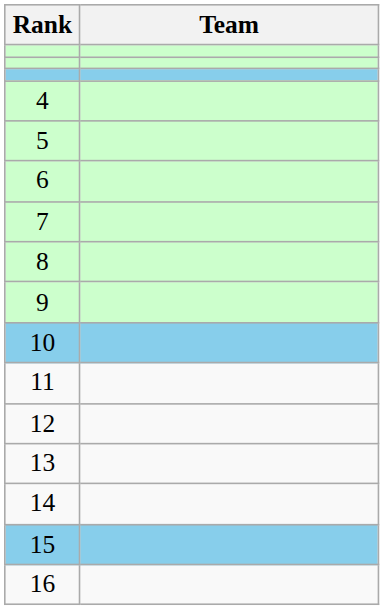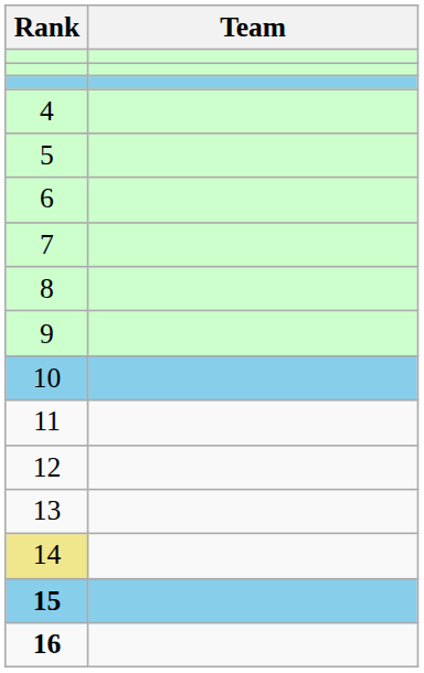 <table class="wikitable" style="text-align: center;">
 <tr>
 <th width=40>Rank</th>
 <th width=180>Team</th>
 </tr>
 <tr bgcolor=#ccffcc>
 <td></td>
 <td align=left></td>
 </tr>
 <tr bgcolor=#ccffcc>
 <td></td>
 <td align=left></td>
 </tr>
 <tr bgcolor=skyblue>
 <td></td>
 <td align=left></td>
 </tr>
 <tr bgcolor=#ccffcc>
 <td>4</td>
 <td align=left></td>
 </tr>
 <tr bgcolor=#ccffcc>
 <td>5</td>
 <td align=left></td>
 </tr>
 <tr bgcolor=#ccffcc>
 <td>6</td>
 <td align=left></td>
 </tr>
 <tr bgcolor=#ccffcc>
 <td>7</td>
 <td align=left></td>
 </tr>
 <tr bgcolor=#ccffcc>
 <td>8</td>
 <td align=left></td>
 </tr>
 <tr bgcolor=#ccffcc>
 <td>9</td>
 <td align=left></td>
 </tr>
 <tr bgcolor=skyblue>
 <td>10</td>
 <td align=left></td>
 </tr>
 <tr>
 <td>11</td>
 <td align=left></td>
 </tr>
 <tr>
 <td>12</td>
 <td align=left></td>
 </tr>
 <tr>
 <td>13</td>
 <td align=left></td>
 </tr>
 <tr>
-<td>14</td>
+<td style="background: khaki;">14</td>
 <td align=left></td>
 </tr>
 <tr bgcolor=skyblue>
-<td>15</td>
+<td><strong>15</strong></td>
 <td align=left></td>
 </tr>
 <tr>
-<td>16</td>
+<td><strong>16</strong></td>
 <td align=left></td>
 </tr>
 </table>
